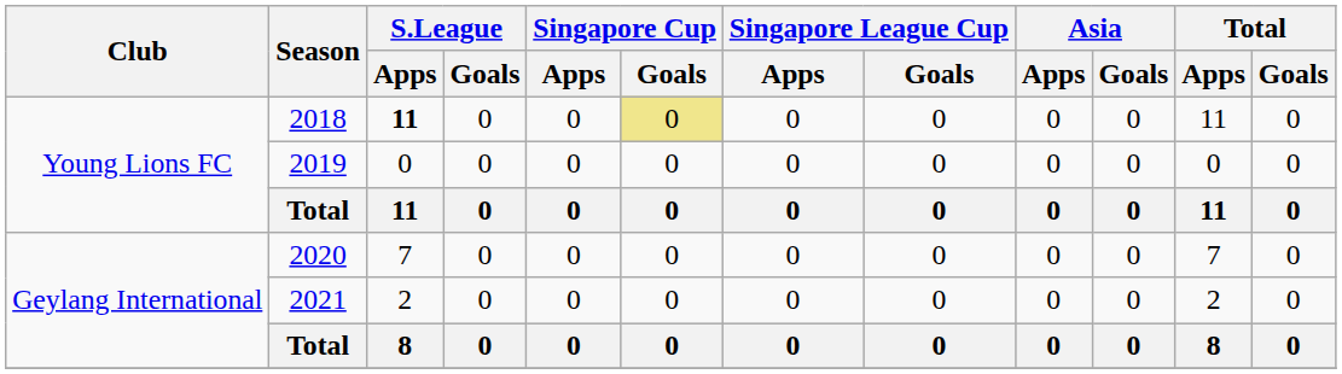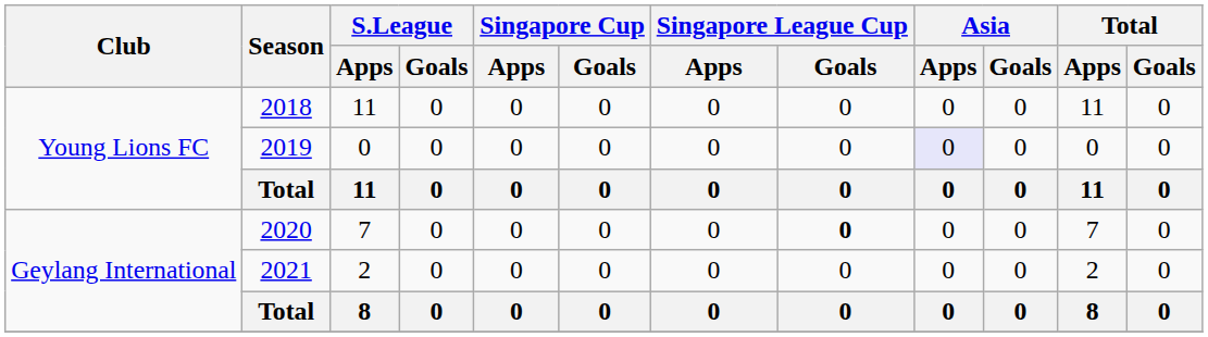 <table style="text-align:center" class="wikitable">
 <tr>
 <th rowspan="2">Club</th>
 <th rowspan="2">Season</th>
 <th colspan="2"><a href='#'>S.League</a></th>
 <th colspan="2"><a href='#'>Singapore Cup</a></th>
 <th colspan="2"><a href='#'>Singapore League Cup</a></th>
 <th colspan="2"><a href='#'>Asia</a></th>
 <th colspan="2">Total</th>
 </tr>
 <tr>
 <th>Apps</th>
 <th>Goals</th>
 <th>Apps</th>
 <th>Goals</th>
 <th>Apps</th>
 <th>Goals</th>
 <th>Apps</th>
 <th>Goals</th>
 <th>Apps</th>
 <th>Goals</th>
 </tr>
 <tr>
 <td rowspan="3"><a href='#'>Young Lions FC</a></td>
 <td><a href='#'>2018</a></td>
-<td><strong>11</strong></td>
+<td>11</td>
 <td>0</td>
 <td>0</td>
-<td style="background: khaki;">0</td>
+<td>0</td>
 <td>0</td>
 <td>0</td>
 <td>0</td>
 <td>0</td>
 <td>11</td>
 <td>0</td>
 </tr>
 <tr>
 <td><a href='#'>2019</a></td>
 <td>0</td>
 <td>0</td>
 <td>0</td>
 <td>0</td>
 <td>0</td>
 <td>0</td>
-<td>0</td>
+<td style="background: lavender;">0</td>
 <td>0</td>
 <td>0</td>
 <td>0</td>
 </tr>
 <tr>
 <th>Total</th>
 <th>11</th>
 <th>0</th>
 <th>0</th>
 <th>0</th>
 <th>0</th>
 <th>0</th>
 <th>0</th>
 <th>0</th>
 <th>11</th>
 <th>0</th>
 </tr>
 <tr>
 <td rowspan="3"><a href='#'>Geylang International</a></td>
 <td><a href='#'>2020</a></td>
 <td>7</td>
 <td>0</td>
 <td>0</td>
 <td>0</td>
 <td>0</td>
-<td>0</td>
+<td><strong>0</strong></td>
 <td>0</td>
 <td>0</td>
 <td>7</td>
 <td>0</td>
 </tr>
 <tr>
 <td><a href='#'>2021</a></td>
 <td>2</td>
 <td>0</td>
 <td>0</td>
 <td>0</td>
 <td>0</td>
 <td>0</td>
 <td>0</td>
 <td>0</td>
 <td>2</td>
 <td>0</td>
 </tr>
 <tr>
 <th>Total</th>
 <th>8</th>
 <th>0</th>
 <th>0</th>
 <th>0</th>
 <th>0</th>
 <th>0</th>
 <th>0</th>
 <th>0</th>
 <th>8</th>
 <th>0</th>
 </tr>
 <tr>
 </tr>
 </table>
